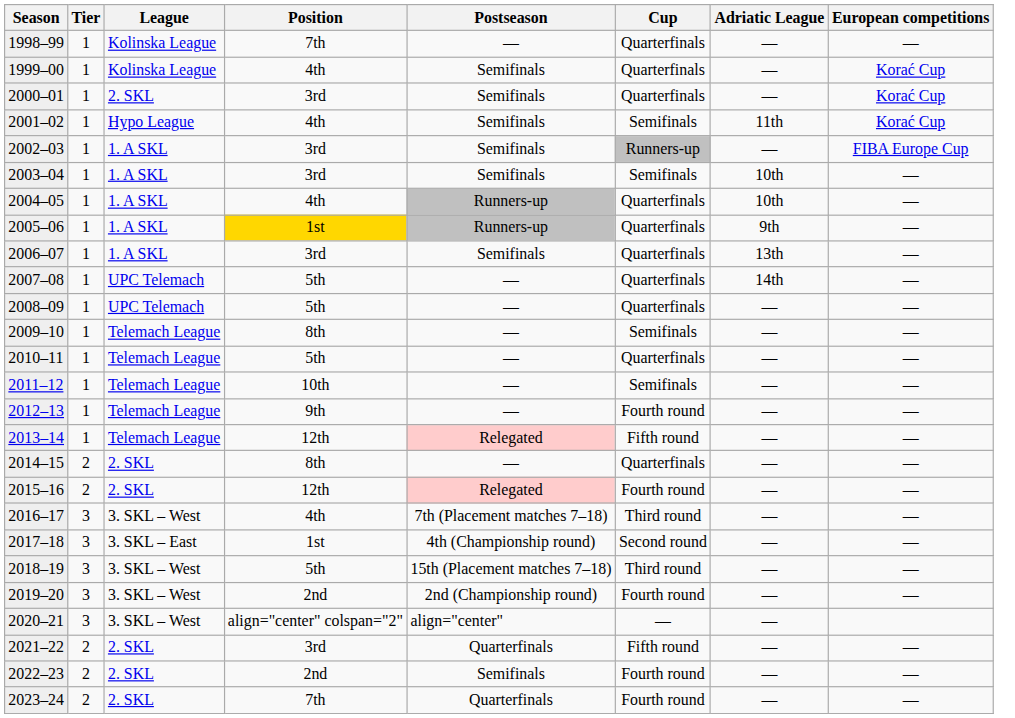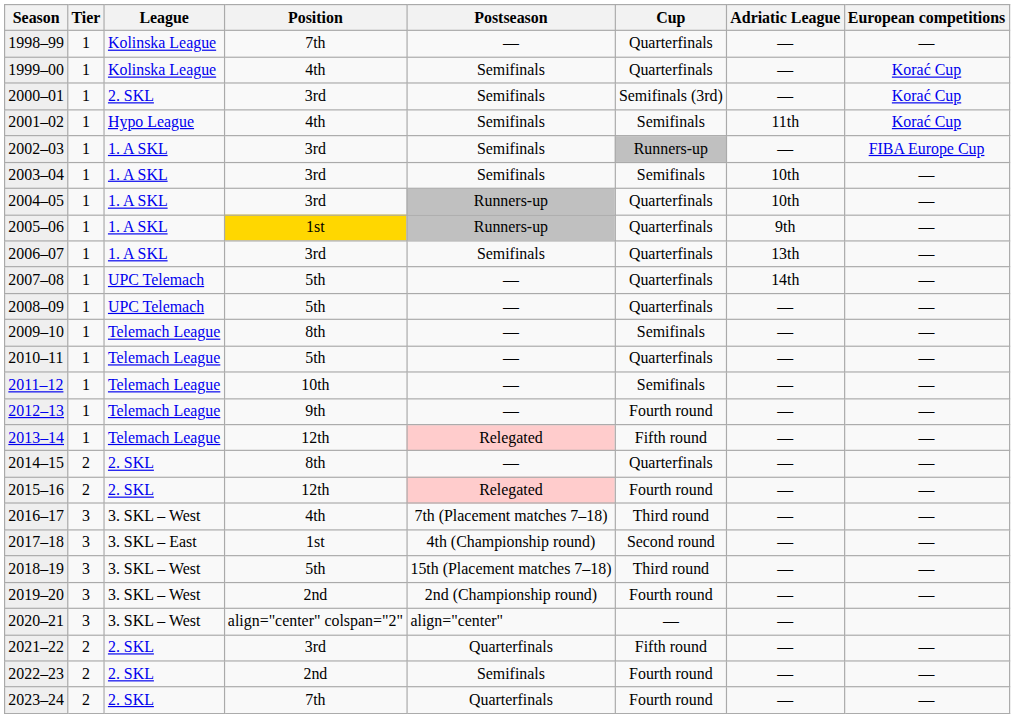 <table class="wikitable" style="font-size:85%">
 <tr>
 <th>Season</th>
 <th>Tier</th>
 <th>League</th>
 <th>Position</th>
 <th>Postseason</th>
 <th>Cup</th>
 <th>Adriatic League</th>
 <th>European competitions</th>
 </tr>
 <tr>
 <td style="background:#efefef;">1998–99</td>
 <td align="center">1</td>
 <td><a href='#'>Kolinska League</a></td>
 <td align="center">7th</td>
 <td align="center">—</td>
 <td align="center">Quarterfinals</td>
 <td align="center">—</td>
 <td align="center">—</td>
 </tr>
 <tr>
 <td style="background:#efefef;">1999–00</td>
 <td align="center">1</td>
 <td><a href='#'>Kolinska League</a></td>
 <td align="center">4th</td>
 <td align="center">Semifinals</td>
 <td align="center">Quarterfinals</td>
 <td align="center">—</td>
 <td align="center"><a href='#'>Korać Cup</a></td>
 </tr>
 <tr>
 <td style="background:#efefef;">2000–01</td>
 <td align="center">1</td>
 <td><a href='#'>2. SKL</a></td>
 <td align="center">3rd</td>
 <td align="center">Semifinals</td>
-<td align="center">Quarterfinals</td>
+<td align="center">Semifinals (3rd)</td>
 <td align="center">—</td>
 <td align="center"><a href='#'>Korać Cup</a></td>
 </tr>
 <tr>
 <td style="background:#efefef;">2001–02</td>
 <td align="center">1</td>
 <td><a href='#'>Hypo League</a></td>
 <td align="center">4th</td>
 <td align="center">Semifinals</td>
 <td align="center">Semifinals</td>
 <td align="center">11th</td>
 <td align="center"><a href='#'>Korać Cup</a></td>
 </tr>
 <tr>
 <td style="background:#efefef;">2002–03</td>
 <td align="center">1</td>
 <td><a href='#'>1. A SKL</a></td>
 <td align="center">3rd</td>
 <td align="center">Semifinals</td>
 <td align="center" style="background:silver">Runners-up</td>
 <td align="center">—</td>
 <td align="center"><a href='#'>FIBA Europe Cup</a></td>
 </tr>
 <tr>
 <td style="background:#efefef;">2003–04</td>
 <td align="center">1</td>
 <td><a href='#'>1. A SKL</a></td>
 <td align="center">3rd</td>
 <td align="center">Semifinals</td>
 <td align="center">Semifinals</td>
 <td align="center">10th</td>
 <td align="center">—</td>
 </tr>
 <tr>
 <td style="background:#efefef;">2004–05</td>
 <td align="center">1</td>
 <td><a href='#'>1. A SKL</a></td>
-<td align="center">4th</td>
+<td align="center">3rd</td>
 <td align="center" style="background:silver">Runners-up</td>
 <td align="center">Quarterfinals</td>
 <td align="center">10th</td>
 <td align="center">—</td>
 </tr>
 <tr>
 <td style="background:#efefef;">2005–06</td>
 <td align="center">1</td>
 <td><a href='#'>1. A SKL</a></td>
 <td align="center" style="background:gold" align="center">1st</td>
 <td align="center" style="background:silver">Runners-up</td>
 <td align="center">Quarterfinals</td>
 <td align="center">9th</td>
 <td align="center">—</td>
 </tr>
 <tr>
 <td style="background:#efefef;">2006–07</td>
 <td align="center">1</td>
 <td><a href='#'>1. A SKL</a></td>
 <td align="center">3rd</td>
 <td align="center">Semifinals</td>
 <td align="center">Quarterfinals</td>
 <td align="center">13th</td>
 <td align="center">—</td>
 </tr>
 <tr>
 <td style="background:#efefef;">2007–08</td>
 <td align="center">1</td>
 <td><a href='#'>UPC Telemach</a></td>
 <td align="center">5th</td>
 <td align="center">—</td>
 <td align="center">Quarterfinals</td>
 <td align="center">14th</td>
 <td align="center">—</td>
 </tr>
 <tr>
 <td style="background:#efefef;">2008–09</td>
 <td align="center">1</td>
 <td><a href='#'>UPC Telemach</a></td>
 <td align="center">5th</td>
 <td align="center">—</td>
 <td align="center">Quarterfinals</td>
 <td align="center">—</td>
 <td align="center">—</td>
 </tr>
 <tr>
 <td style="background:#efefef;">2009–10</td>
 <td align="center">1</td>
 <td><a href='#'>Telemach League</a></td>
 <td align="center">8th</td>
 <td align="center">—</td>
 <td align="center">Semifinals</td>
 <td align="center">—</td>
 <td align="center">—</td>
 </tr>
 <tr>
 <td style="background:#efefef;">2010–11</td>
 <td align="center">1</td>
 <td><a href='#'>Telemach League</a></td>
 <td align="center">5th</td>
 <td align="center">—</td>
 <td align="center">Quarterfinals</td>
 <td align="center">—</td>
 <td align="center">—</td>
 </tr>
 <tr>
 <td style="background:#efefef;"><a href='#'>2011–12</a></td>
 <td align="center">1</td>
 <td><a href='#'>Telemach League</a></td>
 <td align="center">10th</td>
 <td align="center">—</td>
 <td align="center">Semifinals</td>
 <td align="center">—</td>
 <td align="center">—</td>
 </tr>
 <tr>
 <td style="background:#efefef;"><a href='#'>2012–13</a></td>
 <td align="center">1</td>
 <td><a href='#'>Telemach League</a></td>
 <td align="center">9th</td>
 <td align="center">—</td>
 <td align="center">Fourth round</td>
 <td align="center">—</td>
 <td align="center">—</td>
 </tr>
 <tr>
 <td style="background:#efefef;"><a href='#'>2013–14</a></td>
 <td align="center">1</td>
 <td><a href='#'>Telemach League</a></td>
 <td align="center">12th</td>
 <td align="center" style="background:#FFCCCC">Relegated</td>
 <td align="center">Fifth round</td>
 <td align="center">—</td>
 <td align="center">—</td>
 </tr>
 <tr>
 <td style="background:#efefef;">2014–15</td>
 <td align="center">2</td>
 <td><a href='#'>2. SKL</a></td>
 <td align="center">8th</td>
 <td align="center">—</td>
 <td align="center">Quarterfinals</td>
 <td align="center">—</td>
 <td align="center">—</td>
 </tr>
 <tr>
 <td style="background:#efefef;">2015–16</td>
 <td align="center">2</td>
 <td><a href='#'>2. SKL</a></td>
 <td align="center">12th</td>
 <td align="center" style="background:#FFCCCC">Relegated</td>
 <td align="center">Fourth round</td>
 <td align="center">—</td>
 <td align="center">—</td>
 </tr>
 <tr>
 <td style="background:#efefef;">2016–17</td>
 <td align="center">3</td>
 <td>3. SKL – West</td>
 <td align="center">4th</td>
 <td align="center">7th (Placement matches 7–18)</td>
 <td align="center">Third round</td>
 <td align="center">—</td>
 <td align="center">—</td>
 </tr>
 <tr>
 <td style="background:#efefef;">2017–18</td>
 <td align="center">3</td>
 <td>3. SKL – East</td>
 <td align="center">1st</td>
 <td align="center">4th (Championship round)</td>
 <td align="center">Second round</td>
 <td align="center">—</td>
 <td align="center">—</td>
 </tr>
 <tr>
 <td style="background:#efefef;">2018–19</td>
 <td align="center">3</td>
 <td>3. SKL – West</td>
 <td align="center">5th</td>
 <td align="center">15th (Placement matches 7–18)</td>
 <td align="center">Third round</td>
 <td align="center">—</td>
 <td align="center">—</td>
 </tr>
 <tr>
 <td style="background:#efefef;">2019–20</td>
 <td align="center">3</td>
 <td>3. SKL – West</td>
 <td align="center">2nd</td>
 <td align="center">2nd (Championship round)</td>
 <td align="center">Fourth round</td>
 <td align="center">—</td>
 <td align="center">—</td>
 </tr>
 <tr>
 <td style="background:#efefef;">2020–21</td>
 <td align="center">3</td>
 <td>3. SKL – West</td>
 <td>align="center" colspan="2" </td>
 <td>align="center" </td>
 <td align="center">—</td>
 <td align="center">—</td>
 </tr>
 <tr>
 <td style="background:#efefef;">2021–22</td>
 <td align="center">2</td>
 <td><a href='#'>2. SKL</a></td>
 <td align="center">3rd</td>
 <td align="center">Quarterfinals</td>
 <td align="center">Fifth round</td>
 <td align="center">—</td>
 <td align="center">—</td>
 </tr>
 <tr>
 <td style="background:#efefef;">2022–23</td>
 <td align="center">2</td>
 <td><a href='#'>2. SKL</a></td>
 <td align="center">2nd</td>
 <td align="center">Semifinals</td>
 <td align="center">Fourth round</td>
 <td align="center">—</td>
 <td align="center">—</td>
 </tr>
 <tr>
 <td style="background:#efefef;">2023–24</td>
 <td align="center">2</td>
 <td><a href='#'>2. SKL</a></td>
 <td align="center">7th</td>
 <td align="center">Quarterfinals</td>
 <td align="center">Fourth round</td>
 <td align="center">—</td>
 <td align="center">—</td>
 </tr>
 </table>
